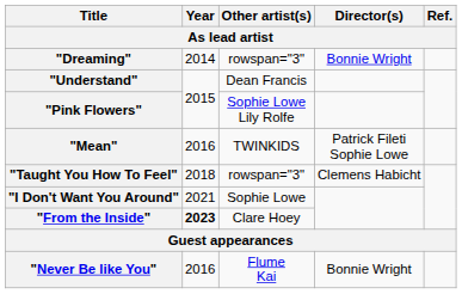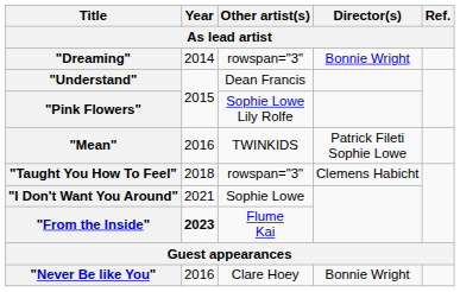 <table class="wikitable plainrowheaders" style="text-align:center;">
 <tr>
 <th scope="col">Title</th>
 <th scope="col">Year</th>
 <th scope="col">Other artist(s)</th>
 <th scope="col">Director(s)</th>
 <th scope="col">Ref.</th>
 </tr>
 <tr>
 <th colspan="5">As lead artist</th>
 </tr>
 <tr>
 <th scope="row">"Dreaming"</th>
 <td>2014</td>
 <td>rowspan="3" </td>
 <td><a href='#'>Bonnie Wright</a></td>
 <td></td>
 </tr>
 <tr>
 <th scope="row">"Understand"</th>
 <td rowspan="2">2015</td>
 <td>Dean Francis</td>
 <td></td>
 </tr>
 <tr>
 <th scope="row">"Pink Flowers"</th>
 <td><a href='#'>Sophie Lowe</a><br>Lily Rolfe</td>
 <td></td>
 </tr>
 <tr>
 <th scope="row">"Mean"</th>
 <td>2016</td>
 <td>TWINKIDS</td>
 <td>Patrick Fileti<br>Sophie Lowe</td>
 <td></td>
 </tr>
 <tr>
 <th scope="row">"Taught You How To Feel"</th>
 <td>2018</td>
 <td>rowspan="3" </td>
 <td>Clemens Habicht</td>
 <td rowspan="3"></td>
 </tr>
 <tr>
 <th scope="row">"I Don't Want You Around"</th>
 <td>2021</td>
 <td>Sophie Lowe</td>
 </tr>
 <tr>
 <th scope="row">"<a href='#'>From the Inside</a>"</th>
 <td><strong>2023</strong></td>
-<td>Clare Hoey</td>
+<td><a href='#'>Flume</a><br><a href='#'>Kai</a></td>
 </tr>
 <tr>
 <th colspan="5">Guest appearances</th>
 </tr>
 <tr>
 <th scope="row">"<a href='#'>Never Be like You</a>"</th>
 <td>2016</td>
-<td><a href='#'>Flume</a><br><a href='#'>Kai</a></td>
+<td>Clare Hoey</td>
 <td>Bonnie Wright</td>
 <td></td>
 </tr>
 </table>
